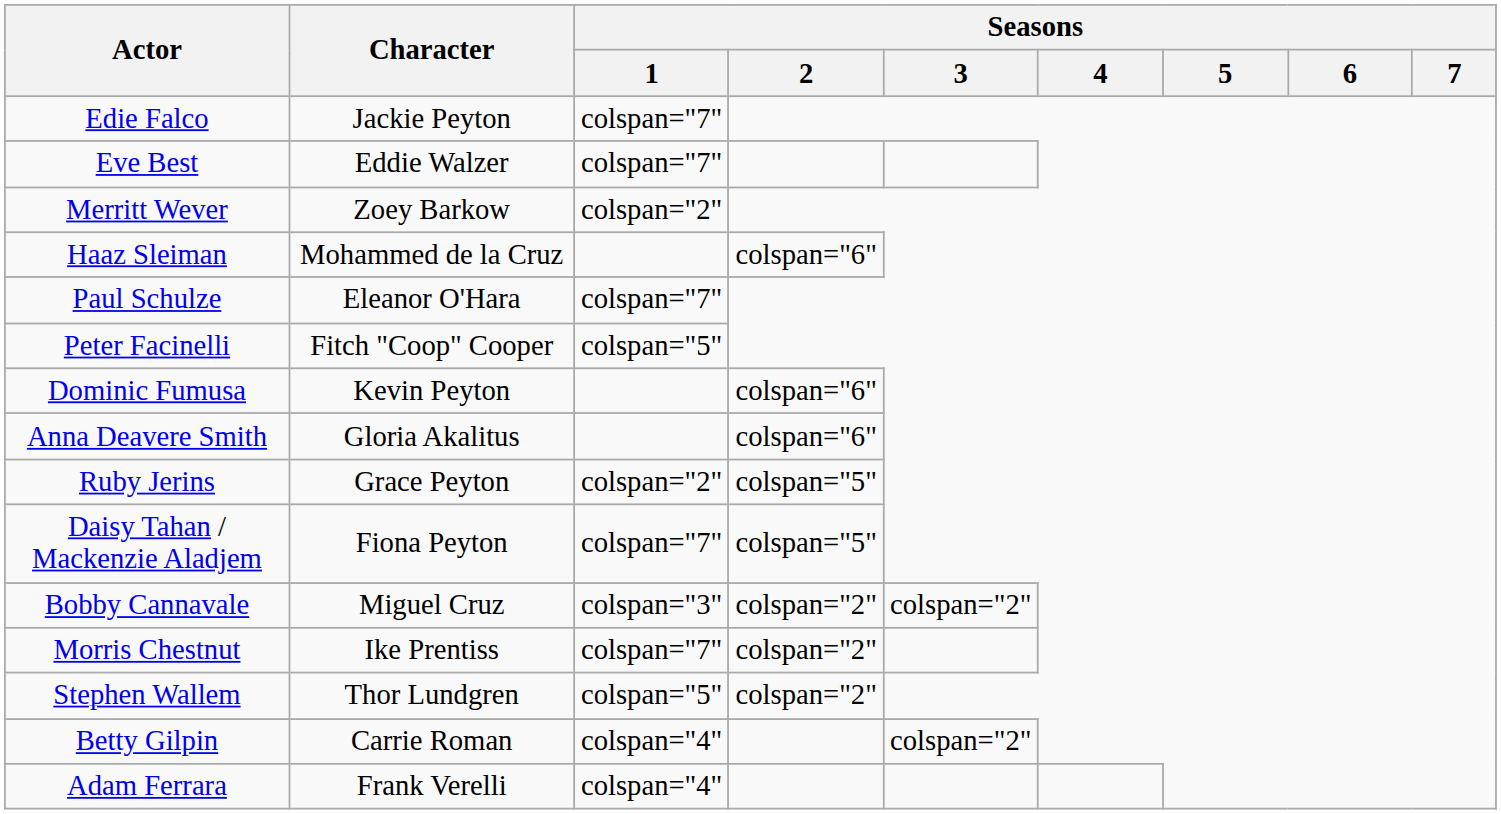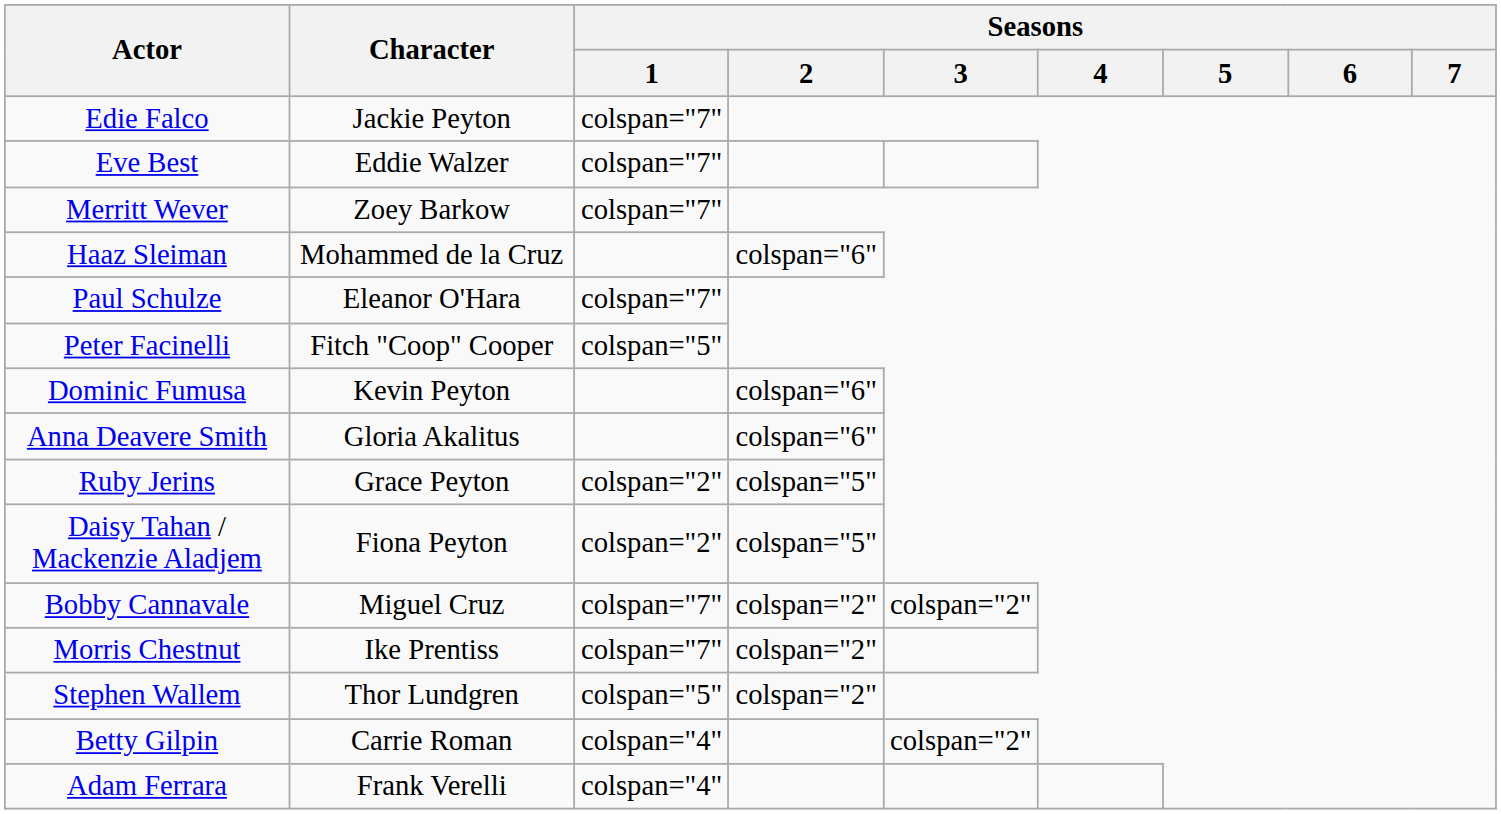 <table class="wikitable plainrowheaders" style="text-align:center; width:66%;">
 <tr>
 <th scope="col" rowspan="2" style="width:20%;">Actor</th>
 <th scope="col" rowspan="2" style="width:20%;">Character</th>
 <th scope="col" colspan="8">Seasons</th>
 </tr>
 <tr>
 <th scope="col" style="width:9%;">1</th>
 <th scope="col" style="width:9%;">2</th>
 <th scope="col" style="width:9%;">3</th>
 <th scope="col" style="width:9%;">4</th>
 <th scope="col" style="width:9%;">5</th>
 <th scope="col" style="width:9%;">6</th>
 <th scope="col" style="width:9%;">7</th>
 </tr>
 <tr>
 <td><a href='#'>Edie Falco</a></td>
 <td scope="row">Jackie Peyton</td>
 <td>colspan="7" </td>
 </tr>
 <tr>
 <td><a href='#'>Eve Best</a></td>
 <td scope="row">Eddie Walzer</td>
 <td>colspan="7" </td>
 <td></td>
 <td></td>
 </tr>
 <tr>
 <td><a href='#'>Merritt Wever</a></td>
 <td scope="row">Zoey Barkow</td>
-<td>colspan="2" </td>
+<td>colspan="7" </td>
 </tr>
 <tr>
 <td><a href='#'>Haaz Sleiman</a></td>
 <td scope="row">Mohammed de la Cruz</td>
 <td></td>
 <td>colspan="6" </td>
 </tr>
 <tr>
 <td><a href='#'>Paul Schulze</a></td>
 <td scope="row">Eleanor O'Hara</td>
 <td>colspan="7" </td>
 </tr>
 <tr>
 <td><a href='#'>Peter Facinelli</a></td>
 <td scope="row">Fitch "Coop" Cooper</td>
 <td>colspan="5" </td>
 </tr>
 <tr>
 <td><a href='#'>Dominic Fumusa</a></td>
 <td scope="row">Kevin Peyton</td>
 <td></td>
 <td>colspan="6" </td>
 </tr>
 <tr>
 <td><a href='#'>Anna Deavere Smith</a></td>
 <td scope="row">Gloria Akalitus</td>
 <td></td>
 <td>colspan="6" </td>
 </tr>
 <tr>
 <td><a href='#'>Ruby Jerins</a></td>
 <td scope="row">Grace Peyton</td>
 <td>colspan="2" </td>
 <td>colspan="5" </td>
 </tr>
 <tr>
 <td><a href='#'>Daisy Tahan</a> / <a href='#'>Mackenzie Aladjem</a></td>
 <td scope="row">Fiona Peyton</td>
-<td>colspan="7" </td>
+<td>colspan="2" </td>
 <td>colspan="5" </td>
 </tr>
 <tr>
 <td><a href='#'>Bobby Cannavale</a></td>
 <td scope="row">Miguel Cruz</td>
-<td>colspan="3" </td>
+<td>colspan="7" </td>
 <td>colspan="2" </td>
 <td>colspan="2" </td>
 </tr>
 <tr>
 <td><a href='#'>Morris Chestnut</a></td>
 <td scope="row">Ike Prentiss</td>
 <td>colspan="7" </td>
 <td>colspan="2" </td>
 <td></td>
 </tr>
 <tr>
 <td><a href='#'>Stephen Wallem</a></td>
 <td scope="row">Thor Lundgren</td>
 <td>colspan="5" </td>
 <td>colspan="2" </td>
 </tr>
 <tr>
 <td><a href='#'>Betty Gilpin</a></td>
 <td scope="row">Carrie Roman</td>
 <td>colspan="4" </td>
 <td></td>
 <td>colspan="2" </td>
 </tr>
 <tr>
 <td><a href='#'>Adam Ferrara</a></td>
 <td scope="row">Frank Verelli</td>
 <td>colspan="4" </td>
 <td></td>
 <td></td>
 <td></td>
 </tr>
 </table>
